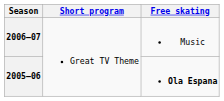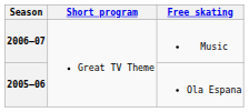 <table class=wikitable style=text-align:center>
 <tr>
 <th>Season</th>
 <th><a href='#'>Short program</a></th>
 <th><a href='#'>Free skating</a></th>
 </tr>
 <tr>
 <th>2006–07 <br> </th>
 <td rowspan=2><br><ul><li>Great TV Theme <br></li></ul></td>
 <td><br><ul><li>Music <br></li></ul></td>
 </tr>
 <tr>
 <th>2005–06 <br> </th>
-<td><strong><br><ul><li>Ola Espana</li></ul></strong></td>
+<td><br><ul><li>Ola Espana</li></ul></td>
 </tr>
 </table>
